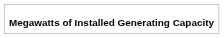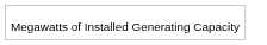 <table style="border:solid 1px #aaa;" cellpadding="7" cellspacing="0">
 <tr>
 <td></td>
 </tr>
 <tr>
-<td><strong>Megawatts of Installed Generating Capacity</strong></td>
+<td>Megawatts of Installed Generating Capacity</td>
 </tr>
 </table>
